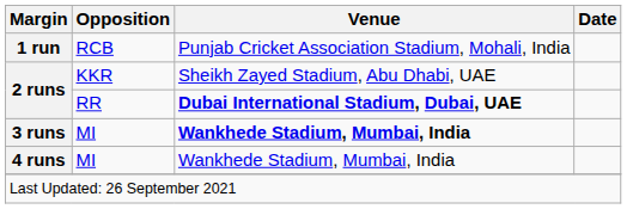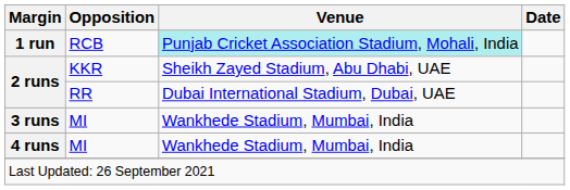 <table class="wikitable">
 <tr>
 <th>Margin</th>
 <th>Opposition</th>
 <th>Venue</th>
 <th>Date</th>
 </tr>
 <tr>
 <th>1 run</th>
 <td><a href='#'>RCB</a></td>
-<td><a href='#'>Punjab Cricket Association Stadium</a>, <a href='#'>Mohali</a>, India</td>
+<td style="background: paleturquoise;"><a href='#'>Punjab Cricket Association Stadium</a>, <a href='#'>Mohali</a>, India</td>
 <td></td>
 </tr>
 <tr>
 <th rowspan=2>2 runs</th>
 <td><a href='#'>KKR</a></td>
 <td><a href='#'>Sheikh Zayed Stadium</a>, <a href='#'>Abu Dhabi</a>, UAE</td>
 <td></td>
 </tr>
 <tr>
 <td><a href='#'>RR</a></td>
-<td><strong><a href='#'>Dubai International  Stadium</a>, <a href='#'>Dubai</a>, UAE</strong></td>
+<td><a href='#'>Dubai International  Stadium</a>, <a href='#'>Dubai</a>, UAE</td>
 <td></td>
 </tr>
 <tr>
 <th>3 runs</th>
 <td><a href='#'>MI</a></td>
-<td><strong><a href='#'>Wankhede Stadium</a>, <a href='#'>Mumbai</a>, India</strong></td>
+<td><a href='#'>Wankhede Stadium</a>, <a href='#'>Mumbai</a>, India</td>
 <td></td>
 </tr>
 <tr>
 <th>4 runs</th>
 <td><a href='#'>MI</a></td>
 <td><a href='#'>Wankhede Stadium</a>, <a href='#'>Mumbai</a>, India</td>
 <td></td>
 </tr>
 <tr>
 </tr>
 <tr class=sortbottom>
 <td colspan=4><small>Last Updated: 26 September 2021</small></td>
 </tr>
 </table>
